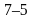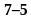 <table style="text-align:center">
 <tr>
 <th width=200></th>
 <th width=100></th>
 <th width=200></th>
 </tr>
 <tr>
 <td align=right><strong></strong></td>
-<td>7–5</td>
+<td><strong>7–5</strong></td>
 <td align=left></td>
 </tr>
 </table>
